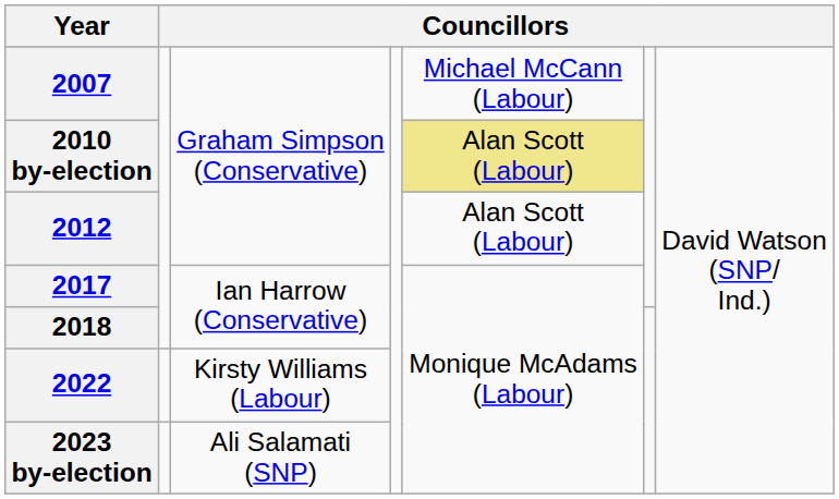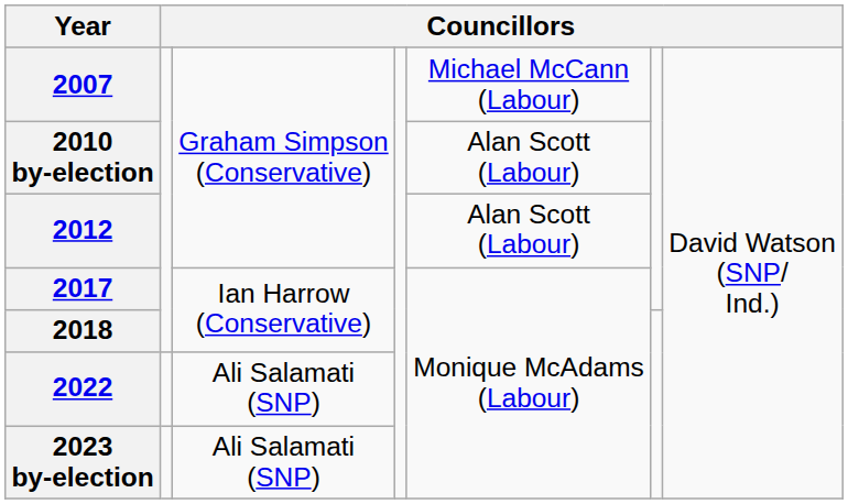 <table class="wikitable" style="text-align:center">
 <tr>
 <th>Year</th>
 <th colspan=8>Councillors</th>
 </tr>
 <tr>
 <th><a href='#'>2007</a></th>
 <td rowspan=5; style="background-color: "></td>
 <td rowspan=3><a href='#'>Graham Simpson</a><br>(<a href='#'>Conservative</a>)</td>
 <td rowspan=7; style="background-color: "></td>
 <td><a href='#'>Michael McCann</a> <br>(<a href='#'>Labour</a>)</td>
 <td rowspan=4; style="background-color: "></td>
 <td rowspan=7>David Watson<br>(<a href='#'>SNP</a>/<br>Ind.)</td>
 </tr>
 <tr>
 <th>2010<br>by-election</th>
-<td style="background: khaki;">Alan Scott<br>(<a href='#'>Labour</a>)</td>
+<td>Alan Scott<br>(<a href='#'>Labour</a>)</td>
 </tr>
 <tr>
 <th><a href='#'>2012</a></th>
 <td>Alan Scott<br>(<a href='#'>Labour</a>)</td>
 </tr>
 <tr>
 <th><a href='#'>2017</a></th>
 <td rowspan=2>Ian Harrow<br>(<a href='#'>Conservative</a>)</td>
 <td rowspan=4>Monique McAdams<br>(<a href='#'>Labour</a>)</td>
 </tr>
 <tr>
 <th>2018</th>
 <td rowspan=3; style="background-color: "></td>
 </tr>
 <tr>
 <th><a href='#'>2022</a></th>
 <td style="background-color: "></td>
-<td>Kirsty Williams<br>(<a href='#'>Labour</a>)</td>
+<td>Ali Salamati<br>(<a href='#'>SNP</a>)</td>
 </tr>
 <tr>
 <th>2023<br>by-election</th>
 <td style="background-color: "></td>
 <td>Ali Salamati<br>(<a href='#'>SNP</a>)</td>
 </tr>
 </table>
